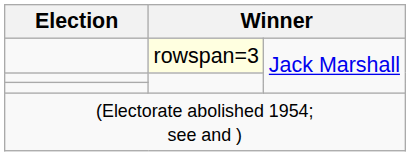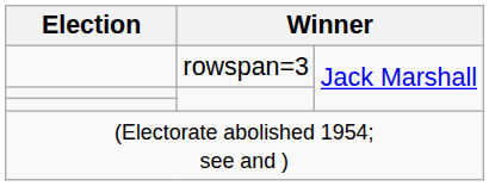 <table class=wikitable>
 <tr>
 <th width=100>Election</th>
 <th width=175 colspan=2>Winner</th>
 </tr>
 <tr>
 <td></td>
-<td style="background: lightyellow;">rowspan=3 </td>
+<td>rowspan=3 </td>
 <td rowspan=3><a href='#'>Jack Marshall</a></td>
 </tr>
 <tr>
 <td></td>
 </tr>
 <tr>
 <td></td>
 </tr>
 <tr>
 <td colspan=3 align=center><small>(Electorate abolished 1954; <br>see  and )</small></td>
 </tr>
 </table>
